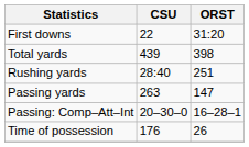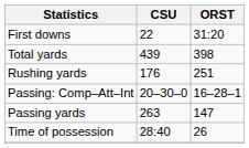 <table class="wikitable" style="float: left;">
 <tr>
 <th>Statistics</th>
 <th>CSU</th>
 <th>ORST</th>
 </tr>
 <tr>
 <td>First downs</td>
 <td>22</td>
 <td>31:20</td>
 </tr>
 <tr>
 <td>Total yards</td>
 <td>439</td>
 <td>398</td>
 </tr>
 <tr>
 <td>Rushing yards</td>
-<td>28:40</td>
+<td>176</td>
 <td>251</td>
+</tr>
+<tr>
+<td>Passing: Comp–Att–Int</td>
+<td>20–30–0</td>
+<td>16–28–1</td>
 </tr>
 <tr>
 <td>Passing yards</td>
 <td>263</td>
 <td>147</td>
 </tr>
 <tr>
-<td>Passing: Comp–Att–Int</td>
-<td>20–30–0</td>
-<td>16–28–1</td>
-</tr>
-<tr>
 <td>Time of possession</td>
-<td>176</td>
+<td>28:40</td>
 <td>26</td>
 </tr>
 <tr>
 </tr>
 </table>
